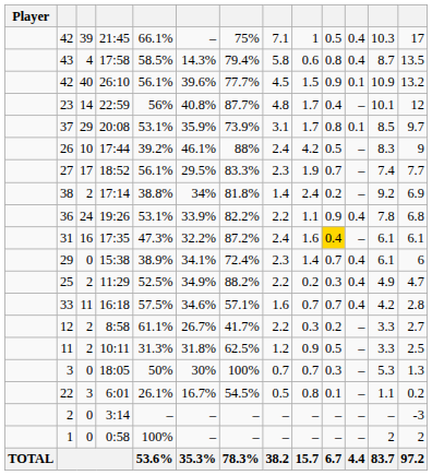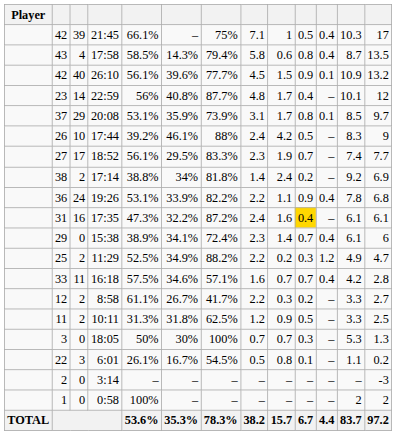 <table class="wikitable sortable" style="font-size:95%; text-align:right;">
 <tr>
 <th>Player</th>
 <th></th>
 <th></th>
 <th></th>
 <th></th>
 <th></th>
 <th></th>
 <th></th>
 <th></th>
 <th></th>
 <th></th>
 <th></th>
 <th></th>
 </tr>
 <tr>
 <td></td>
 <td>42</td>
 <td>39</td>
 <td>21:45</td>
 <td>66.1%</td>
 <td>–</td>
 <td>75%</td>
 <td>7.1</td>
 <td>1</td>
 <td>0.5</td>
 <td>0.4</td>
 <td>10.3</td>
 <td>17</td>
 </tr>
 <tr>
 <td></td>
 <td>43</td>
 <td>4</td>
 <td>17:58</td>
 <td>58.5%</td>
 <td>14.3%</td>
 <td>79.4%</td>
 <td>5.8</td>
 <td>0.6</td>
 <td>0.8</td>
 <td>0.4</td>
 <td>8.7</td>
 <td>13.5</td>
 </tr>
 <tr>
 <td></td>
 <td>42</td>
 <td>40</td>
 <td>26:10</td>
 <td>56.1%</td>
 <td>39.6%</td>
 <td>77.7%</td>
 <td>4.5</td>
 <td>1.5</td>
 <td>0.9</td>
 <td>0.1</td>
 <td>10.9</td>
 <td>13.2</td>
 </tr>
 <tr>
 <td></td>
 <td>23</td>
 <td>14</td>
 <td>22:59</td>
 <td>56%</td>
 <td>40.8%</td>
 <td>87.7%</td>
 <td>4.8</td>
 <td>1.7</td>
 <td>0.4</td>
 <td>–</td>
 <td>10.1</td>
 <td>12</td>
 </tr>
 <tr>
 <td></td>
 <td>37</td>
 <td>29</td>
 <td>20:08</td>
 <td>53.1%</td>
 <td>35.9%</td>
 <td>73.9%</td>
 <td>3.1</td>
 <td>1.7</td>
 <td>0.8</td>
 <td>0.1</td>
 <td>8.5</td>
 <td>9.7</td>
 </tr>
 <tr>
 <td></td>
 <td>26</td>
 <td>10</td>
 <td>17:44</td>
 <td>39.2%</td>
 <td>46.1%</td>
 <td>88%</td>
 <td>2.4</td>
 <td>4.2</td>
 <td>0.5</td>
 <td>–</td>
 <td>8.3</td>
 <td>9</td>
 </tr>
 <tr>
 <td></td>
 <td>27</td>
 <td>17</td>
 <td>18:52</td>
 <td>56.1%</td>
 <td>29.5%</td>
 <td>83.3%</td>
 <td>2.3</td>
 <td>1.9</td>
 <td>0.7</td>
 <td>–</td>
 <td>7.4</td>
 <td>7.7</td>
 </tr>
 <tr>
 <td></td>
 <td>38</td>
 <td>2</td>
 <td>17:14</td>
 <td>38.8%</td>
 <td>34%</td>
 <td>81.8%</td>
 <td>1.4</td>
 <td>2.4</td>
 <td>0.2</td>
 <td>–</td>
 <td>9.2</td>
 <td>6.9</td>
 </tr>
 <tr>
 <td></td>
 <td>36</td>
 <td>24</td>
 <td>19:26</td>
 <td>53.1%</td>
 <td>33.9%</td>
 <td>82.2%</td>
 <td>2.2</td>
 <td>1.1</td>
 <td>0.9</td>
 <td>0.4</td>
 <td>7.8</td>
 <td>6.8</td>
 </tr>
 <tr>
 <td></td>
 <td>31</td>
 <td>16</td>
 <td>17:35</td>
 <td>47.3%</td>
 <td>32.2%</td>
 <td>87.2%</td>
 <td>2.4</td>
 <td>1.6</td>
 <td style="background: gold;">0.4</td>
 <td>–</td>
 <td>6.1</td>
 <td>6.1</td>
 </tr>
 <tr>
 <td></td>
 <td>29</td>
 <td>0</td>
 <td>15:38</td>
 <td>38.9%</td>
 <td>34.1%</td>
 <td>72.4%</td>
 <td>2.3</td>
 <td>1.4</td>
 <td>0.7</td>
 <td>0.4</td>
 <td>6.1</td>
 <td>6</td>
 </tr>
 <tr>
 <td></td>
 <td>25</td>
 <td>2</td>
 <td>11:29</td>
 <td>52.5%</td>
 <td>34.9%</td>
 <td>88.2%</td>
 <td>2.2</td>
 <td>0.2</td>
 <td>0.3</td>
-<td>0.4</td>
+<td>1.2</td>
 <td>4.9</td>
 <td>4.7</td>
 </tr>
 <tr>
 <td></td>
 <td>33</td>
 <td>11</td>
 <td>16:18</td>
 <td>57.5%</td>
 <td>34.6%</td>
 <td>57.1%</td>
 <td>1.6</td>
 <td>0.7</td>
 <td>0.7</td>
 <td>0.4</td>
 <td>4.2</td>
 <td>2.8</td>
 </tr>
 <tr>
 <td></td>
 <td>12</td>
 <td>2</td>
 <td>8:58</td>
 <td>61.1%</td>
 <td>26.7%</td>
 <td>41.7%</td>
 <td>2.2</td>
 <td>0.3</td>
 <td>0.2</td>
 <td>–</td>
 <td>3.3</td>
 <td>2.7</td>
 </tr>
 <tr>
 <td></td>
 <td>11</td>
 <td>2</td>
 <td>10:11</td>
 <td>31.3%</td>
 <td>31.8%</td>
 <td>62.5%</td>
 <td>1.2</td>
 <td>0.9</td>
 <td>0.5</td>
 <td>–</td>
 <td>3.3</td>
 <td>2.5</td>
 </tr>
 <tr>
 <td></td>
 <td>3</td>
 <td>0</td>
 <td>18:05</td>
 <td>50%</td>
 <td>30%</td>
 <td>100%</td>
 <td>0.7</td>
 <td>0.7</td>
 <td>0.3</td>
 <td>–</td>
 <td>5.3</td>
 <td>1.3</td>
 </tr>
 <tr>
 <td></td>
 <td>22</td>
 <td>3</td>
 <td>6:01</td>
 <td>26.1%</td>
 <td>16.7%</td>
 <td>54.5%</td>
 <td>0.5</td>
 <td>0.8</td>
 <td>0.1</td>
 <td>–</td>
 <td>1.1</td>
 <td>0.2</td>
 </tr>
 <tr>
 <td></td>
 <td>2</td>
 <td>0</td>
 <td>3:14</td>
 <td>–</td>
 <td>–</td>
 <td>–</td>
 <td>–</td>
 <td>–</td>
 <td>–</td>
 <td>–</td>
 <td>–</td>
 <td>-3</td>
 </tr>
 <tr>
 <td></td>
 <td>1</td>
 <td>0</td>
 <td>0:58</td>
 <td>100%</td>
 <td>–</td>
 <td>–</td>
 <td>–</td>
 <td>–</td>
 <td>–</td>
 <td>–</td>
 <td>2</td>
 <td>2</td>
 </tr>
 <tr>
 <th align=center><strong>TOTAL</strong></th>
 <th colspan=3></th>
 <th>53.6%</th>
 <th>35.3%</th>
 <th>78.3%</th>
 <th>38.2</th>
 <th>15.7</th>
 <th>6.7</th>
 <th>4.4</th>
 <th>83.7</th>
 <th>97.2</th>
 </tr>
 </table>
